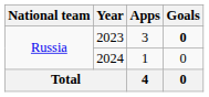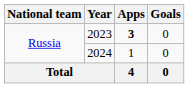 <table class=wikitable style="text-align: center;">
 <tr>
 <th>National team</th>
 <th>Year</th>
 <th>Apps</th>
 <th>Goals</th>
 </tr>
 <tr>
 <td rowspan="2"><a href='#'>Russia</a></td>
 <td>2023</td>
-<td>3</td>
-<td><strong>0</strong></td>
+<td><strong>3</strong></td>
+<td>0</td>
 </tr>
 <tr>
 <td>2024</td>
 <td>1</td>
 <td>0</td>
 </tr>
 <tr>
 <th colspan="2">Total</th>
 <th>4</th>
 <th>0</th>
 </tr>
 </table>
